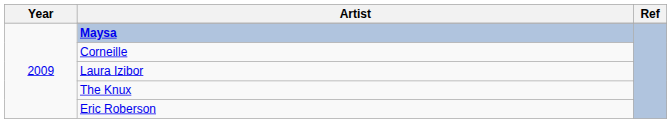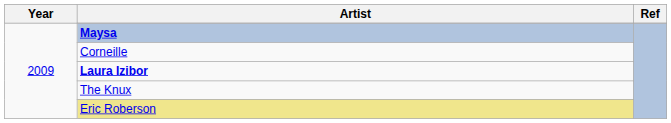 <table class="wikitable" style="width:100%;">
 <tr style="background:#bebebe;">
 <th style="width:11%;">Year</th>
 <th style="width:84%;">Artist</th>
 <th style="width:5%;">Ref</th>
 </tr>
 <tr>
 <td rowspan="6" align="center"><a href='#'>2009</a></td>
 </tr>
 <tr style="background:#B0C4DE">
 <td><strong><a href='#'>Maysa</a></strong></td>
 <td rowspan="6" align="center"></td>
 </tr>
 <tr>
 <td><a href='#'>Corneille</a></td>
 </tr>
 <tr>
-<td><a href='#'>Laura Izibor</a></td>
+<td><strong><a href='#'>Laura Izibor</a></strong></td>
 </tr>
 <tr>
 <td><a href='#'>The Knux</a></td>
 </tr>
 <tr>
-<td><a href='#'>Eric Roberson</a></td>
+<td style="background: khaki;"><a href='#'>Eric Roberson</a></td>
 </tr>
 </table>
